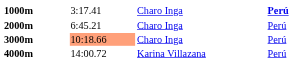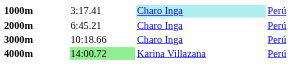 <table>
 <tr>
 <th width=100></th>
 <th width=100></th>
 <th width=200></th>
 <th></th>
 </tr>
 <tr>
 <td><strong>1000m</strong></td>
 <td>3:17.41</td>
-<td><a href='#'>Charo Inga</a></td>
-<td align=left><strong> <a href='#'>Perú</a></strong></td>
+<td style="background: paleturquoise;"><a href='#'>Charo Inga</a></td>
+<td align=left> <a href='#'>Perú</a></td>
 </tr>
 <tr>
 <td><strong>2000m</strong></td>
 <td>6:45.21</td>
 <td><a href='#'>Charo Inga</a></td>
 <td align=left> <a href='#'>Perú</a></td>
 </tr>
 <tr>
 <td><strong>3000m</strong></td>
-<td style="background: lightsalmon;">10:18.66</td>
+<td>10:18.66</td>
 <td><a href='#'>Charo Inga</a></td>
 <td align=left> <a href='#'>Perú</a></td>
 </tr>
 <tr>
 <td><strong>4000m</strong></td>
-<td>14:00.72</td>
+<td style="background: lightgreen;">14:00.72</td>
 <td><a href='#'>Karina Villazana</a></td>
 <td align=left> <a href='#'>Perú</a></td>
 </tr>
 </table>
